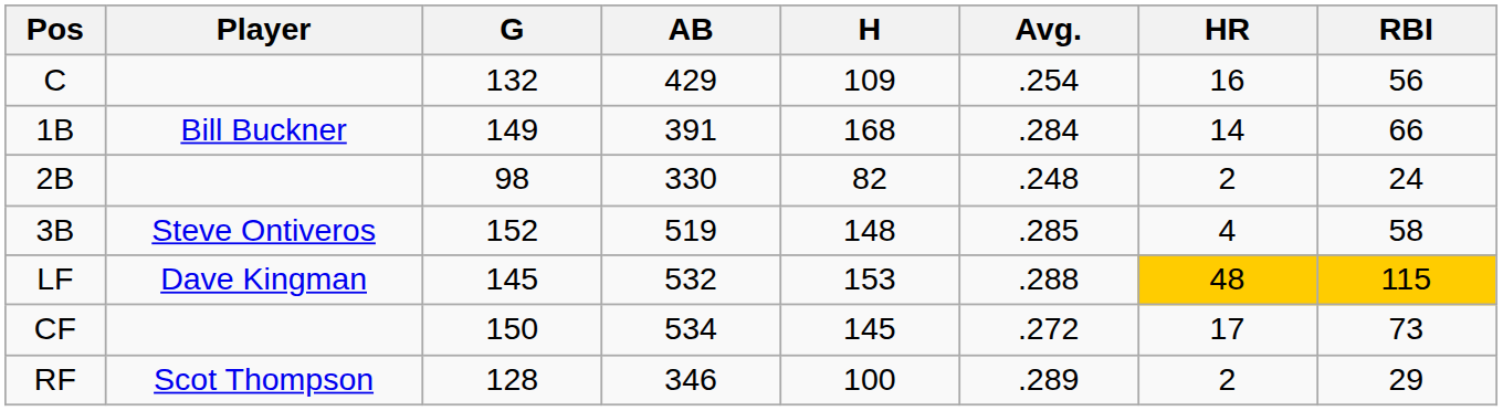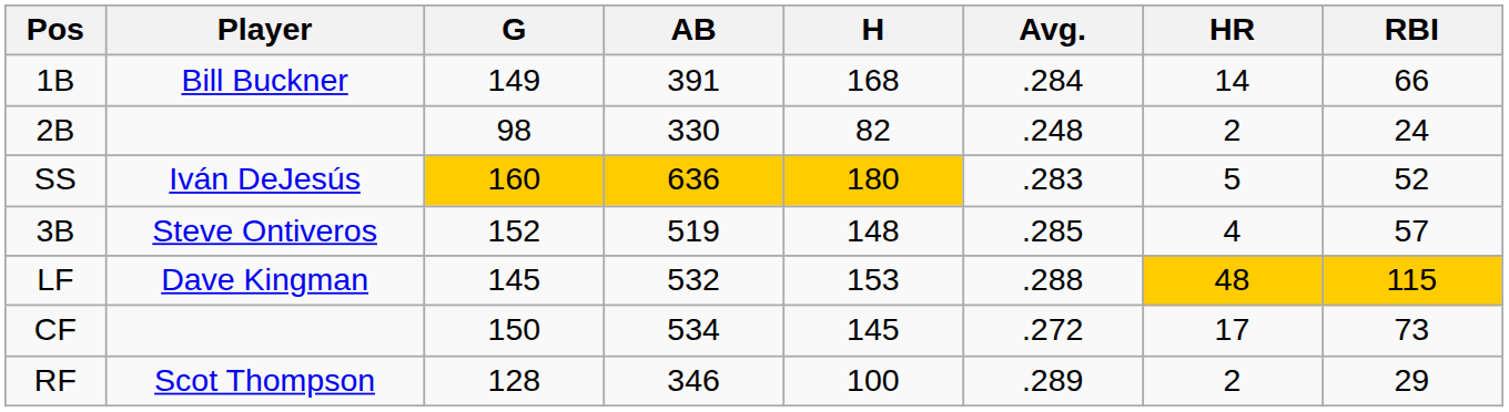 <table class="wikitable sortable">
 <tr>
 <th bgcolor="#DDDDFF" width="5%">Pos</th>
 <th bgcolor="#DDDDFF" width="16%">Player</th>
 <th bgcolor="#DDDDFF" width="9%">G</th>
 <th bgcolor="#DDDDFF" width="9%">AB</th>
 <th bgcolor="#DDDDFF" width="9%">H</th>
 <th bgcolor="#DDDDFF" width="9%">Avg.</th>
 <th bgcolor="#DDDDFF" width="9%">HR</th>
 <th bgcolor="#DDDDFF" width="9%">RBI</th>
-</tr>
-<tr align="center">
-<td>C</td>
-<td></td>
-<td>132</td>
-<td>429</td>
-<td>109</td>
-<td>.254</td>
-<td>16</td>
-<td>56</td>
 </tr>
 <tr align="center">
 <td>1B</td>
 <td><a href='#'>Bill Buckner</a></td>
 <td>149</td>
 <td>391</td>
 <td>168</td>
 <td>.284</td>
 <td>14</td>
 <td>66</td>
 </tr>
 <tr align=center>
 <td>2B</td>
 <td></td>
 <td>98</td>
 <td>330</td>
 <td>82</td>
 <td>.248</td>
 <td>2</td>
 <td>24</td>
 </tr>
+<tr align="center">
+<td>SS</td>
+<td><a href='#'>Iván DeJesús</a></td>
+<td style="background:#fc0;">160</td>
+<td style="background:#fc0;">636</td>
+<td style="background:#fc0;">180</td>
+<td>.283</td>
+<td>5</td>
+<td>52</td>
+</tr>
 <tr align=center>
 <td>3B</td>
 <td><a href='#'>Steve Ontiveros</a></td>
 <td>152</td>
 <td>519</td>
 <td>148</td>
 <td>.285</td>
 <td>4</td>
-<td>58</td>
+<td>57</td>
 </tr>
 <tr align=center>
 <td>LF</td>
 <td><a href='#'>Dave Kingman</a></td>
 <td>145</td>
 <td>532</td>
 <td>153</td>
 <td>.288</td>
 <td style="background:#fc0;">48</td>
 <td style="background:#fc0;">115</td>
 </tr>
 <tr align=center>
 <td>CF</td>
 <td></td>
 <td>150</td>
 <td>534</td>
 <td>145</td>
 <td>.272</td>
 <td>17</td>
 <td>73</td>
 </tr>
 <tr align="center">
 <td>RF</td>
 <td><a href='#'>Scot Thompson</a></td>
 <td>128</td>
 <td>346</td>
 <td>100</td>
 <td>.289</td>
 <td>2</td>
 <td>29</td>
 </tr>
 </table>
